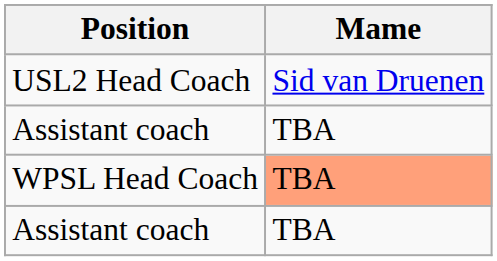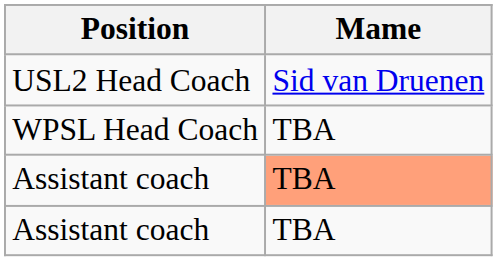 <table class="wikitable">
 <tr>
 <th>Position</th>
 <th>Mame</th>
 </tr>
 <tr>
 <td>USL2 Head Coach</td>
 <td><a href='#'>Sid van Druenen</a></td>
 </tr>
 <tr>
-<td>Assistant coach</td>
+<td>WPSL Head Coach</td>
 <td>TBA</td>
 </tr>
 <tr>
-<td>WPSL Head Coach</td>
+<td>Assistant coach</td>
 <td style="background: lightsalmon;">TBA</td>
 </tr>
 <tr>
 <td>Assistant coach</td>
 <td>TBA</td>
 </tr>
 </table>
